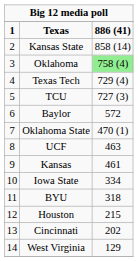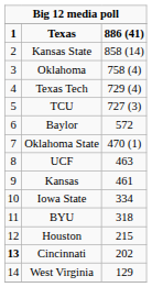 <table class="wikitable" style="display: inline-table;">
 <tr>
 <td align="center" Colspan="3"><strong>Big 12 media poll</strong></td>
 </tr>
 <tr align="center">
 </tr>
 <tr align="center">
 <td><strong>1</strong></td>
 <td><strong>Texas</strong></td>
 <td><strong>886 (41)</strong></td>
 </tr>
 <tr align="center">
 <td>2</td>
 <td>Kansas State</td>
 <td>858 (14)</td>
 </tr>
 <tr align="center">
 <td>3</td>
 <td>Oklahoma</td>
-<td style="background: lightgreen;">758 (4)</td>
+<td>758 (4)</td>
 </tr>
 <tr align="center">
 <td>4</td>
 <td>Texas Tech</td>
 <td>729 (4)</td>
 </tr>
 <tr align="center">
 <td>5</td>
 <td>TCU</td>
 <td>727 (3)</td>
 </tr>
 <tr align="center">
 <td>6</td>
 <td>Baylor</td>
 <td>572</td>
 </tr>
 <tr align="center">
 <td>7</td>
 <td>Oklahoma State</td>
 <td>470 (1)</td>
 </tr>
 <tr align="center">
 <td>8</td>
 <td>UCF</td>
 <td>463</td>
 </tr>
 <tr align="center">
 <td>9</td>
 <td>Kansas</td>
 <td>461</td>
 </tr>
 <tr align="center">
 <td>10</td>
 <td>Iowa State</td>
 <td>334</td>
 </tr>
 <tr align="center">
 <td>11</td>
 <td>BYU</td>
 <td>318</td>
 </tr>
 <tr align="center">
 <td>12</td>
 <td>Houston</td>
 <td>215</td>
 </tr>
 <tr align="center">
-<td>13</td>
+<td><strong>13</strong></td>
 <td>Cincinnati</td>
 <td>202</td>
 </tr>
 <tr align="center">
 <td>14</td>
 <td>West Virginia</td>
 <td>129</td>
 </tr>
 <tr>
 </tr>
 </table>
